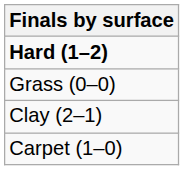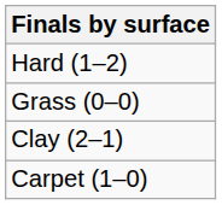 <table class="wikitable sortable mw-collapsible mw-collapsed">
 <tr>
 <th>Finals by surface</th>
 </tr>
 <tr>
-<td><strong>Hard (1–2)</strong></td>
+<td>Hard (1–2)</td>
 </tr>
 <tr>
 <td>Grass (0–0)</td>
 </tr>
 <tr>
 <td>Clay (2–1)</td>
 </tr>
 <tr>
 <td>Carpet (1–0)</td>
 </tr>
 </table>
